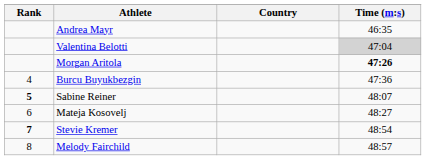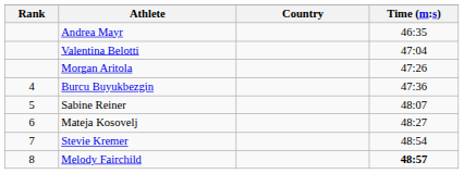 <table class="wikitable" width=50%>
 <tr>
 </tr>
 <tr>
 <th width=5%>Rank</th>
 <th width=20%>Athlete</th>
 <th width=15%>Country</th>
 <th width=10%>Time (<a href='#'>m</a>:<a href='#'>s</a>)</th>
 </tr>
 <tr align="center">
 <td></td>
 <td align="left"><a href='#'>Andrea Mayr</a></td>
 <td align="left"></td>
 <td>46:35</td>
 </tr>
 <tr align="center">
 <td></td>
 <td align="left"><a href='#'>Valentina Belotti</a></td>
 <td align="left"></td>
-<td style="background: lightgrey;">47:04</td>
+<td>47:04</td>
 </tr>
 <tr align="center">
 <td></td>
 <td align="left"><a href='#'>Morgan Aritola</a></td>
 <td align="left"></td>
-<td><strong>47:26</strong></td>
+<td>47:26</td>
 </tr>
 <tr align="center">
 <td>4</td>
 <td align="left"><a href='#'>Burcu Buyukbezgin</a></td>
 <td align="left"></td>
 <td>47:36</td>
 </tr>
 <tr align="center">
-<td><strong>5</strong></td>
+<td>5</td>
 <td align="left">Sabine Reiner</td>
 <td align="left"></td>
 <td>48:07</td>
 </tr>
 <tr align="center">
 <td>6</td>
 <td align="left">Mateja Kosovelj</td>
 <td align="left"></td>
 <td>48:27</td>
 </tr>
 <tr align="center">
-<td><strong>7</strong></td>
+<td>7</td>
 <td align="left"><a href='#'>Stevie Kremer</a></td>
 <td align="left"></td>
 <td>48:54</td>
 </tr>
 <tr align="center">
 <td>8</td>
 <td align="left"><a href='#'>Melody Fairchild</a></td>
 <td align="left"></td>
-<td>48:57</td>
+<td><strong>48:57</strong></td>
 </tr>
 </table>
